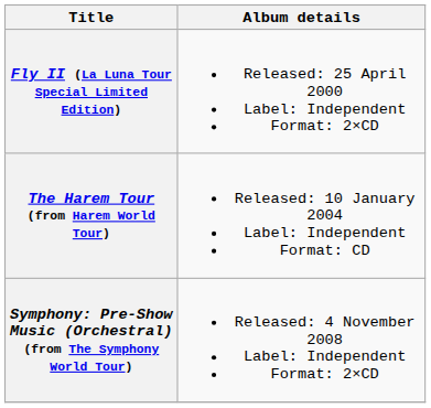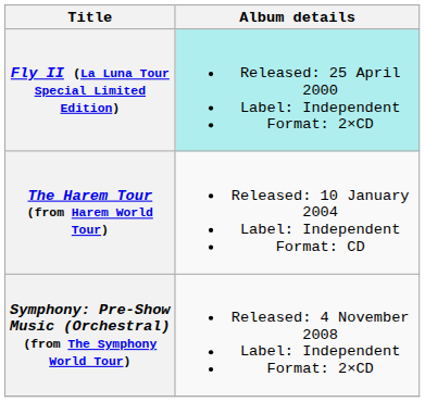 <table class="wikitable plainrowheaders" style="text-align:center;">
 <tr>
 <th scope="col" style="width:11em;">Title</th>
 <th scope="col" style="width:16em;">Album details</th>
 </tr>
 <tr>
 <th scope="row"><em><a href='#'>Fly II</a></em> <small>(<a href='#'>La Luna Tour Special Limited Edition</a>)</small></th>
-<td><br><ul><li>Released: 25 April 2000</li><li>Label: Independent</li><li>Format: 2×CD</li></ul></td>
+<td style="background: paleturquoise;"><br><ul><li>Released: 25 April 2000</li><li>Label: Independent</li><li>Format: 2×CD</li></ul></td>
 </tr>
 <tr>
 <th scope="row"><em><a href='#'>The Harem Tour</a></em> <small>(from <a href='#'>Harem World Tour</a>)</small></th>
 <td><br><ul><li>Released: 10 January 2004</li><li>Label: Independent</li><li>Format: CD</li></ul></td>
 </tr>
 <tr>
 <th scope="row"><em>Symphony: Pre-Show Music (Orchestral)</em> <small>(from <a href='#'>The Symphony World Tour</a>)</small></th>
 <td><br><ul><li>Released: 4 November 2008</li><li>Label: Independent</li><li>Format: 2×CD</li></ul></td>
 </tr>
 <tr>
 </tr>
 </table>
